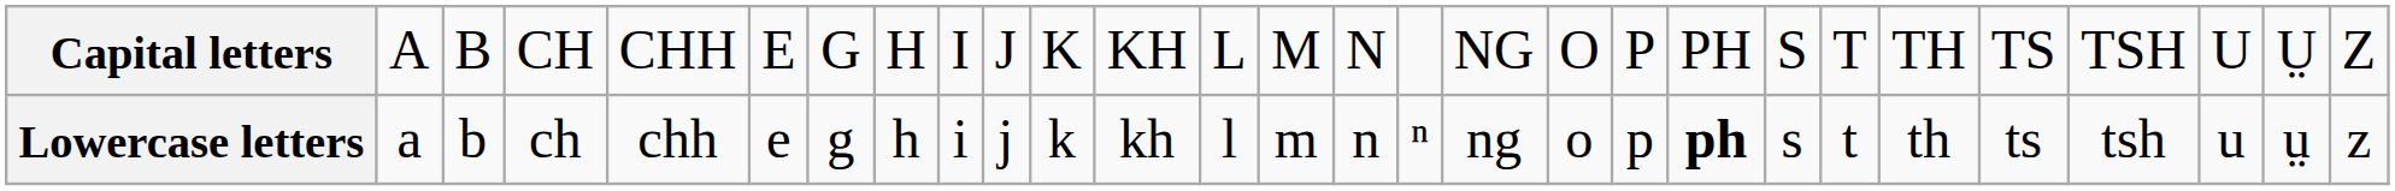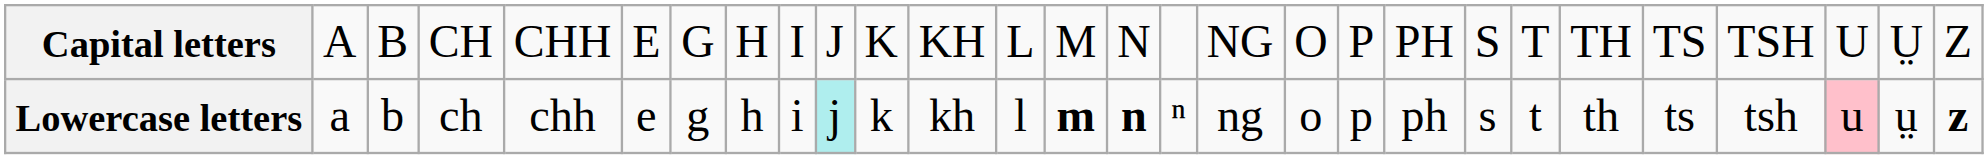 <table class=wikitable style="font-size: 1.25em;">
 <tr align=center>
 <th><small>Capital letters</small></th>
 <td>A</td>
 <td>B</td>
 <td>CH</td>
 <td>CHH</td>
 <td>E</td>
 <td>G</td>
 <td>H</td>
 <td>I</td>
 <td>J</td>
 <td>K</td>
 <td>KH</td>
 <td>L</td>
 <td>M</td>
 <td>N</td>
 <td></td>
 <td>NG</td>
 <td>O</td>
 <td>P</td>
 <td>PH</td>
 <td>S</td>
 <td>T</td>
 <td>TH</td>
 <td>TS</td>
 <td>TSH</td>
 <td>U</td>
 <td>Ṳ</td>
 <td>Z</td>
 </tr>
 <tr align=center>
 <th><small>Lowercase letters</small></th>
 <td>a</td>
 <td>b</td>
 <td>ch</td>
 <td>chh</td>
 <td>e</td>
 <td>g</td>
 <td>h</td>
 <td>i</td>
-<td>j</td>
+<td style="background: paleturquoise;">j</td>
 <td>k</td>
 <td>kh</td>
 <td>l</td>
-<td>m</td>
-<td>n</td>
+<td><strong>m</strong></td>
+<td><strong>n</strong></td>
 <td>ⁿ</td>
 <td>ng</td>
 <td>o</td>
 <td>p</td>
-<td><strong>ph</strong></td>
+<td>ph</td>
 <td>s</td>
 <td>t</td>
 <td>th</td>
 <td>ts</td>
 <td>tsh</td>
-<td>u</td>
+<td style="background: pink;">u</td>
 <td>ṳ</td>
-<td>z</td>
+<td><strong>z</strong></td>
 </tr>
 </table>
